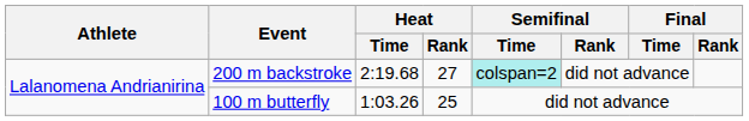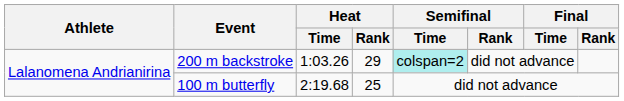 <table class=wikitable style="font-size:90%">
 <tr>
 <th rowspan=2>Athlete</th>
 <th rowspan=2>Event</th>
 <th colspan="2">Heat</th>
 <th colspan="2">Semifinal</th>
 <th colspan="2">Final</th>
 </tr>
 <tr style="font-size:95%">
 <th>Time</th>
 <th>Rank</th>
 <th>Time</th>
 <th>Rank</th>
 <th>Time</th>
 <th>Rank</th>
 </tr>
 <tr align=center>
 <td align=left rowspan=2><a href='#'>Lalanomena Andrianirina</a></td>
 <td align=left><a href='#'>200 m backstroke</a></td>
-<td>2:19.68</td>
-<td>27</td>
+<td>1:03.26</td>
+<td>29</td>
 <td style="background: paleturquoise;">colspan=2 </td>
 <td colspan=2>did not advance</td>
 </tr>
 <tr align=center>
 <td align=left><a href='#'>100 m butterfly</a></td>
-<td>1:03.26</td>
+<td>2:19.68</td>
 <td>25</td>
 <td colspan=4>did not advance</td>
 </tr>
 </table>
